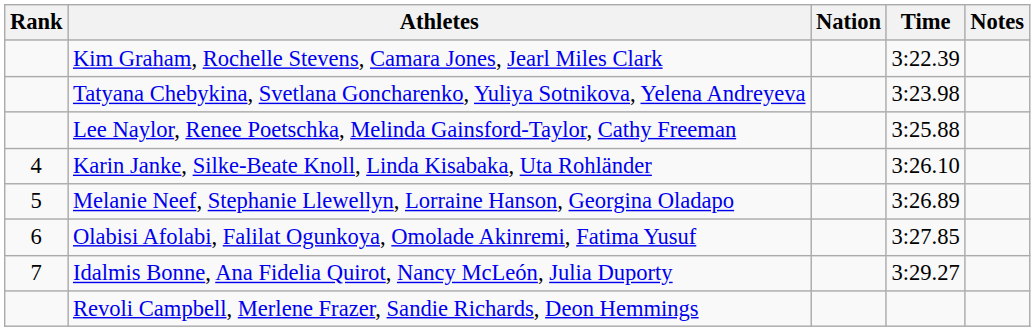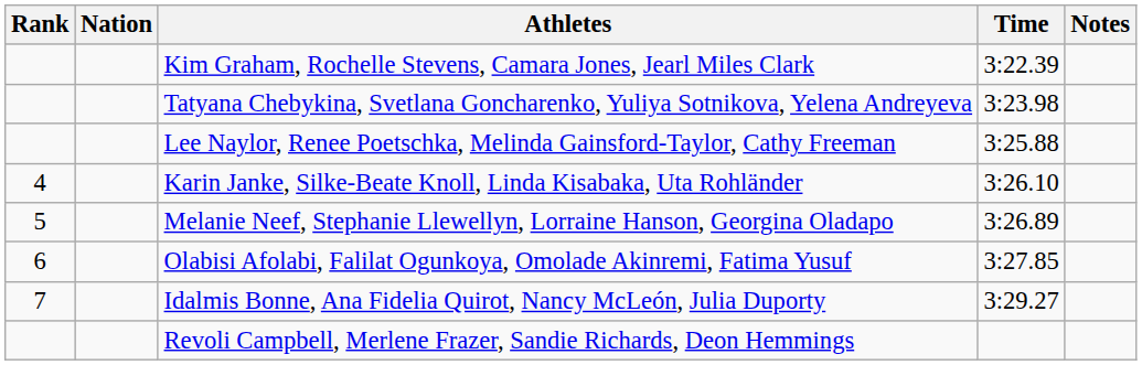 <table class="wikitable sortable" style="text-align:center">
 <tr>
 <th>Rank</th>
+<th>Nation</th>
 <th>Athletes</th>
-<th>Nation</th>
 <th>Time</th>
 <th>Notes</th>
 </tr>
 <tr>
 <td></td>
+<td align=left></td>
 <td align=left><a href='#'>Kim Graham</a>, <a href='#'>Rochelle Stevens</a>, <a href='#'>Camara Jones</a>, <a href='#'>Jearl Miles Clark</a></td>
-<td align=left></td>
 <td>3:22.39</td>
 <td></td>
 </tr>
 <tr>
 <td></td>
+<td align=left></td>
 <td align=left><a href='#'>Tatyana Chebykina</a>, <a href='#'>Svetlana Goncharenko</a>, <a href='#'>Yuliya Sotnikova</a>, <a href='#'>Yelena Andreyeva</a></td>
-<td align=left></td>
 <td>3:23.98</td>
 <td></td>
 </tr>
 <tr>
 <td></td>
+<td align=left></td>
 <td align=left><a href='#'>Lee Naylor</a>, <a href='#'>Renee Poetschka</a>, <a href='#'>Melinda Gainsford-Taylor</a>, <a href='#'>Cathy Freeman</a></td>
-<td align=left></td>
 <td>3:25.88</td>
 <td></td>
 </tr>
 <tr>
 <td>4</td>
+<td align=left></td>
 <td align=left><a href='#'>Karin Janke</a>, <a href='#'>Silke-Beate Knoll</a>, <a href='#'>Linda Kisabaka</a>, <a href='#'>Uta Rohländer</a></td>
-<td align=left></td>
 <td>3:26.10</td>
 <td></td>
 </tr>
 <tr>
 <td>5</td>
+<td align=left></td>
 <td align=left><a href='#'>Melanie Neef</a>, <a href='#'>Stephanie Llewellyn</a>, <a href='#'>Lorraine Hanson</a>, <a href='#'>Georgina Oladapo</a></td>
-<td align=left></td>
 <td>3:26.89</td>
 <td></td>
 </tr>
 <tr>
 <td>6</td>
+<td align=left></td>
 <td align=left><a href='#'>Olabisi Afolabi</a>, <a href='#'>Falilat Ogunkoya</a>, <a href='#'>Omolade Akinremi</a>, <a href='#'>Fatima Yusuf</a></td>
-<td align=left></td>
 <td>3:27.85</td>
 <td></td>
 </tr>
 <tr>
 <td>7</td>
+<td align=left></td>
 <td align=left><a href='#'>Idalmis Bonne</a>, <a href='#'>Ana Fidelia Quirot</a>, <a href='#'>Nancy McLeón</a>, <a href='#'>Julia Duporty</a></td>
-<td align=left></td>
 <td>3:29.27</td>
 <td></td>
 </tr>
 <tr>
 <td></td>
+<td align=left></td>
 <td align=left><a href='#'>Revoli Campbell</a>, <a href='#'>Merlene Frazer</a>, <a href='#'>Sandie Richards</a>, <a href='#'>Deon Hemmings</a></td>
-<td align=left></td>
 <td></td>
 <td></td>
 </tr>
 </table>
